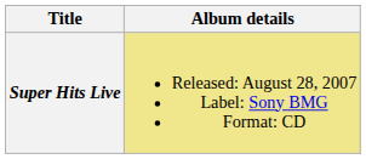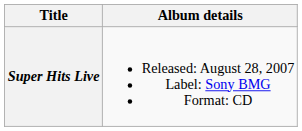 <table class="wikitable plainrowheaders" style="text-align:center;">
 <tr>
 <th>Title</th>
 <th>Album details</th>
 </tr>
 <tr>
 <th scope="row"><em>Super Hits Live</em></th>
-<td style="background: khaki;"><br><ul><li>Released: August 28, 2007</li><li>Label: <a href='#'>Sony BMG</a></li><li>Format: CD</li></ul></td>
+<td><br><ul><li>Released: August 28, 2007</li><li>Label: <a href='#'>Sony BMG</a></li><li>Format: CD</li></ul></td>
 </tr>
 </table>
